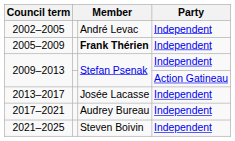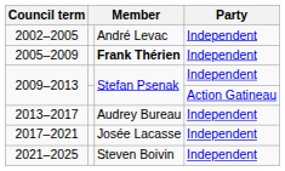 <table class="wikitable">
 <tr>
 <th>Council term</th>
 <th colspan="2">Member</th>
 <th>Party</th>
 </tr>
 <tr>
 <td align="center">2002–2005</td>
 <td style="color:inherit;background-color:"></td>
 <td>André Levac</td>
 <td><a href='#'>Independent</a></td>
 </tr>
 <tr>
 <td align="center">2005–2009</td>
 <td style="color:inherit;background-color:"></td>
 <td><strong>Frank Thérien</strong></td>
 <td><a href='#'>Independent</a></td>
 </tr>
 <tr>
 <td rowspan="2" align="center">2009–2013</td>
 <td style="color:inherit;background-color:"></td>
 <td rowspan="2"><a href='#'>Stefan Psenak</a></td>
 <td><a href='#'>Independent</a></td>
 </tr>
 <tr>
 <td style="color:inherit;background-color:"></td>
 <td><a href='#'>Action Gatineau</a></td>
 </tr>
 <tr>
 <td align="center">2013–2017</td>
 <td style="color:inherit;background-color:"></td>
-<td>Josée Lacasse</td>
+<td>Audrey Bureau</td>
 <td><a href='#'>Independent</a></td>
 </tr>
 <tr>
 <td align="center">2017–2021</td>
 <td style="color:inherit;background-color:"></td>
-<td>Audrey Bureau</td>
+<td>Josée Lacasse</td>
 <td><a href='#'>Independent</a></td>
 </tr>
 <tr>
 <td align="center">2021–2025</td>
 <td style="color:inherit;background-color:"></td>
 <td>Steven Boivin</td>
 <td><a href='#'>Independent</a></td>
 </tr>
 </table>
